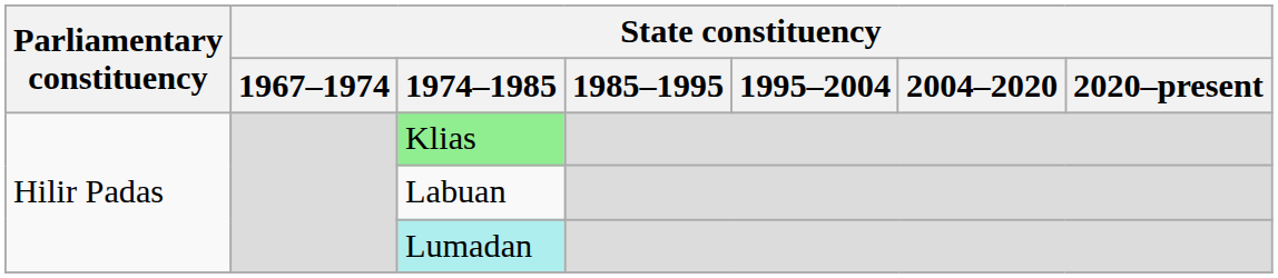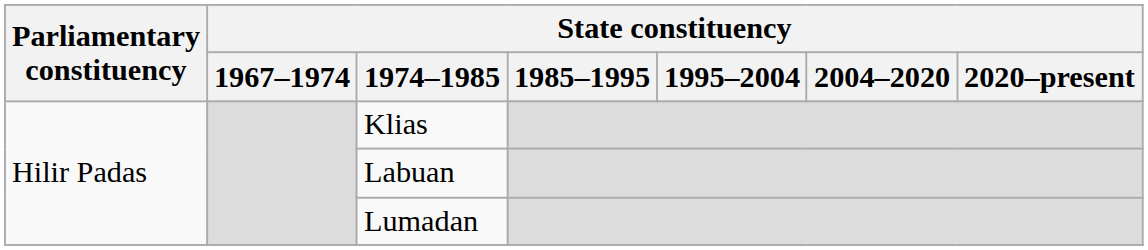 <table class=wikitable>
 <tr>
 <th rowspan=2>Parliamentary<br>constituency</th>
 <th colspan=6>State constituency</th>
 </tr>
 <tr>
 <th>1967–1974</th>
 <th>1974–1985</th>
 <th>1985–1995</th>
 <th>1995–2004</th>
 <th>2004–2020</th>
 <th>2020–present</th>
 </tr>
 <tr>
 <td rowspan=3>Hilir Padas</td>
 <td rowspan=3 bgcolor=dcdcdc></td>
-<td style="background: lightgreen;">Klias</td>
+<td>Klias</td>
 <td colspan=4 bgcolor=dcdcdc></td>
 </tr>
 <tr>
 <td>Labuan</td>
 <td colspan=4 bgcolor=dcdcdc></td>
 </tr>
 <tr>
-<td style="background: paleturquoise;">Lumadan</td>
+<td>Lumadan</td>
 <td colspan=4 bgcolor=dcdcdc></td>
 </tr>
 </table>
